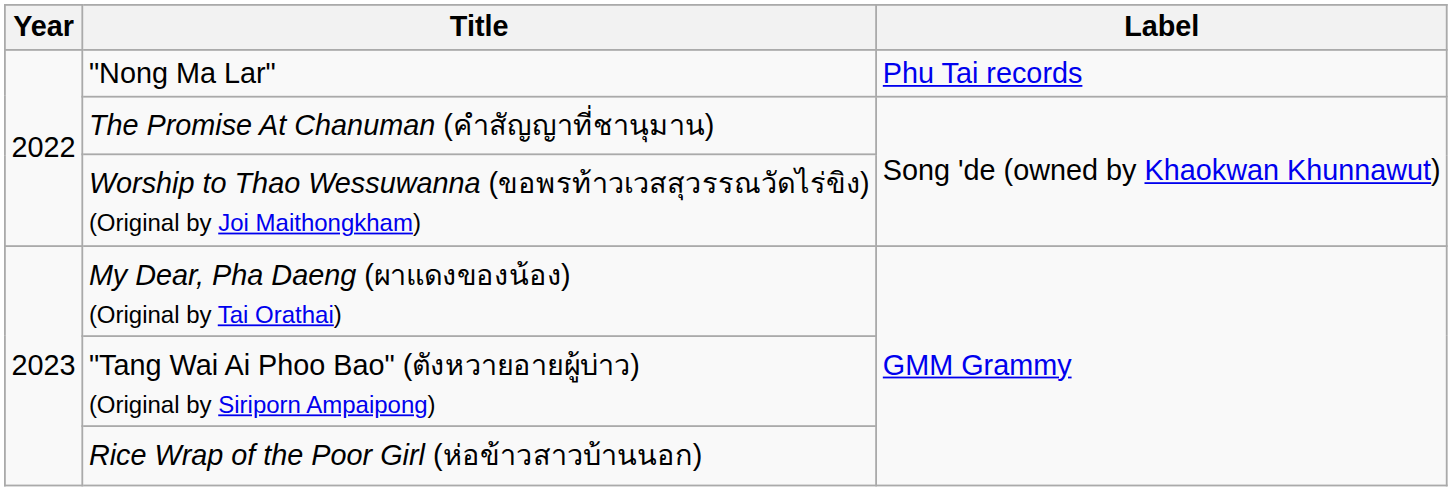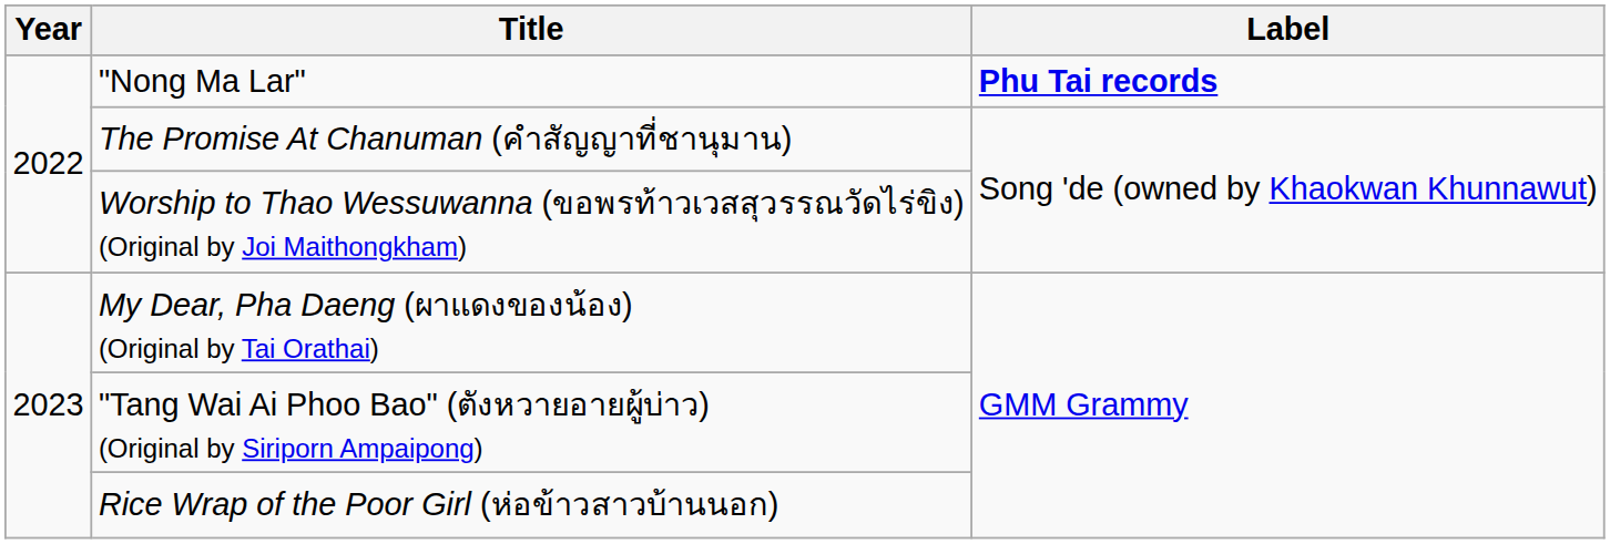 <table class="wikitable">
 <tr>
 <th>Year</th>
 <th>Title</th>
 <th>Label</th>
 </tr>
 <tr>
 <td rowspan="3">2022</td>
 <td>"Nong Ma Lar"</td>
-<td><a href='#'>Phu Tai records</a></td>
+<td><strong><a href='#'>Phu Tai records</a></strong></td>
 </tr>
 <tr>
 <td><em>The Promise At Chanuman</em> (คำสัญญาที่ชานุมาน)</td>
 <td rowspan="2">Song 'de (owned by <a href='#'>Khaokwan Khunnawut</a>)</td>
 </tr>
 <tr>
 <td><em>Worship to Thao Wessuwanna</em> (ขอพรท้าวเวสสุวรรณวัดไร่ขิง)<br><small>(Original by <a href='#'>Joi Maithongkham</a>)</small></td>
 </tr>
 <tr>
 <td rowspan="3">2023</td>
 <td><em>My Dear, Pha Daeng</em> (ผาแดงของน้อง)<br><small>(Original by <a href='#'>Tai Orathai</a>)</small></td>
 <td rowspan="3"><a href='#'>GMM Grammy</a></td>
 </tr>
 <tr>
 <td>"Tang Wai Ai Phoo Bao" (ตังหวายอายผู้บ่าว)<br><small>(Original by <a href='#'>Siriporn Ampaipong</a>)</small></td>
 </tr>
 <tr>
 <td><em>Rice Wrap of the Poor Girl</em> (ห่อข้าวสาวบ้านนอก)</td>
 </tr>
 </table>
